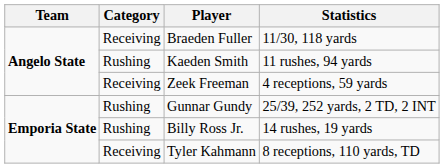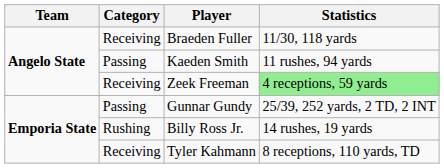 <table class="wikitable" style="float: right;">
 <tr>
 <th>Team</th>
 <th>Category</th>
 <th>Player</th>
 <th>Statistics</th>
 </tr>
 <tr>
 <td rowspan=3><strong>Angelo State</strong></td>
 <td>Receiving</td>
 <td>Braeden Fuller</td>
 <td>11/30, 118 yards</td>
 </tr>
 <tr>
-<td>Rushing</td>
+<td>Passing</td>
 <td>Kaeden Smith</td>
 <td>11 rushes, 94 yards</td>
 </tr>
 <tr>
 <td>Receiving</td>
 <td>Zeek Freeman</td>
-<td>4 receptions, 59 yards</td>
+<td style="background: lightgreen;">4 receptions, 59 yards</td>
 </tr>
 <tr>
 <td rowspan=3><strong>Emporia State</strong></td>
-<td>Rushing</td>
+<td>Passing</td>
 <td>Gunnar Gundy</td>
 <td>25/39, 252 yards, 2 TD, 2 INT</td>
 </tr>
 <tr>
 <td>Rushing</td>
 <td>Billy Ross Jr.</td>
 <td>14 rushes, 19 yards</td>
 </tr>
 <tr>
 <td>Receiving</td>
 <td>Tyler Kahmann</td>
 <td>8 receptions, 110 yards, TD</td>
 </tr>
 </table>
